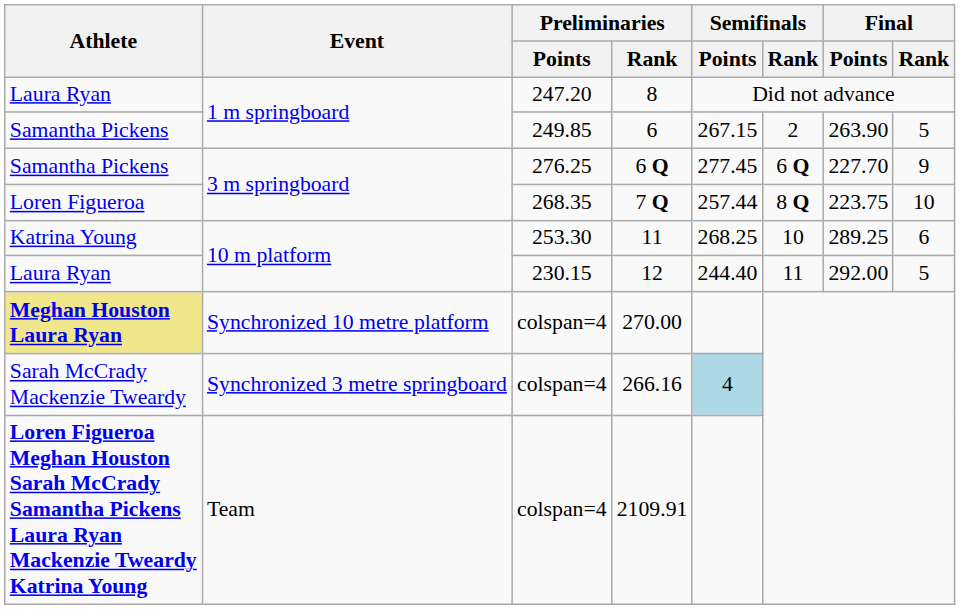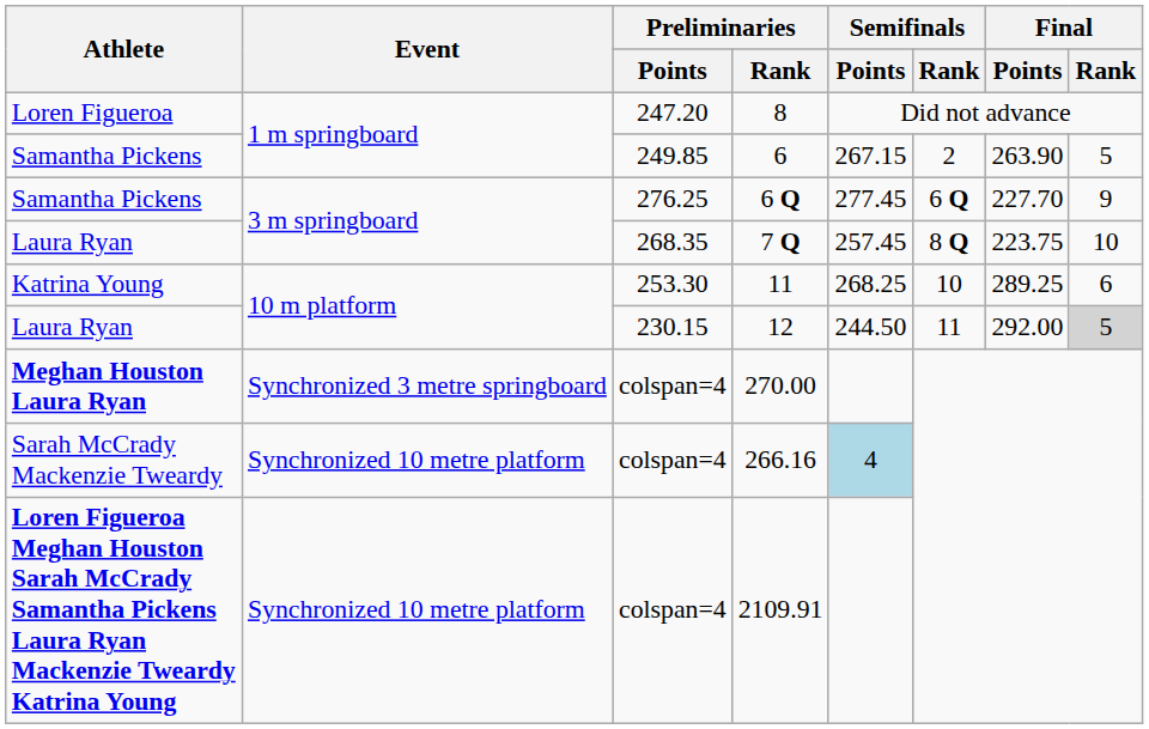 <table class="wikitable" style="font-size:90%;">
 <tr>
 <th rowspan=2>Athlete</th>
 <th rowspan=2>Event</th>
 <th colspan=2>Preliminaries</th>
 <th colspan=2>Semifinals</th>
 <th colspan=2>Final</th>
 </tr>
 <tr>
 <th>Points</th>
 <th>Rank</th>
 <th>Points</th>
 <th>Rank</th>
 <th>Points</th>
 <th>Rank</th>
 </tr>
 <tr align=center>
-<td align=left><a href='#'>Laura Ryan</a></td>
+<td align=left><a href='#'>Loren Figueroa</a></td>
 <td align=left rowspan=2><a href='#'>1 m springboard</a></td>
 <td>247.20</td>
 <td>8</td>
 <td colspan=4 align=center>Did not advance</td>
 </tr>
 <tr align=center>
 <td align=left><a href='#'>Samantha Pickens</a></td>
 <td>249.85</td>
 <td>6</td>
 <td>267.15</td>
 <td>2</td>
 <td>263.90</td>
 <td>5</td>
 </tr>
 <tr align=center>
 <td align=left><a href='#'>Samantha Pickens</a></td>
 <td align=left rowspan=2><a href='#'>3 m springboard</a></td>
 <td>276.25</td>
 <td>6 <strong>Q</strong></td>
 <td>277.45</td>
 <td>6 <strong>Q</strong></td>
 <td>227.70</td>
 <td>9</td>
 </tr>
 <tr align=center>
-<td align=left><a href='#'>Loren Figueroa</a></td>
+<td align=left><a href='#'>Laura Ryan</a></td>
 <td>268.35</td>
 <td>7 <strong>Q</strong></td>
-<td>257.44</td>
+<td>257.45</td>
 <td>8 <strong>Q</strong></td>
 <td>223.75</td>
 <td>10</td>
 </tr>
 <tr align=center>
 <td align=left><a href='#'>Katrina Young</a></td>
 <td align=left rowspan=2><a href='#'>10 m platform</a></td>
 <td>253.30</td>
 <td>11</td>
 <td>268.25</td>
 <td>10</td>
 <td>289.25</td>
 <td>6</td>
 </tr>
 <tr align=center>
 <td align=left><a href='#'>Laura Ryan</a></td>
 <td>230.15</td>
 <td>12</td>
-<td>244.40</td>
+<td>244.50</td>
 <td>11</td>
 <td>292.00</td>
-<td>5</td>
+<td style="background: lightgrey;">5</td>
 </tr>
 <tr align=center>
-<td align=left style="background: khaki;"><strong><a href='#'>Meghan Houston</a> <br> <a href='#'>Laura Ryan</a></strong></td>
-<td align=left><a href='#'>Synchronized 10 metre platform</a></td>
+<td align=left><strong><a href='#'>Meghan Houston</a> <br> <a href='#'>Laura Ryan</a></strong></td>
+<td align=left><a href='#'>Synchronized 3 metre springboard</a></td>
 <td>colspan=4 </td>
 <td>270.00</td>
 <td></td>
 </tr>
 <tr align=center>
 <td align=left><a href='#'>Sarah McCrady</a> <br> <a href='#'>Mackenzie Tweardy</a></td>
-<td align=left><a href='#'>Synchronized 3 metre springboard</a></td>
+<td align=left><a href='#'>Synchronized 10 metre platform</a></td>
 <td>colspan=4 </td>
 <td>266.16</td>
 <td style="background: lightblue;">4</td>
 </tr>
 <tr align=center>
 <td align=left><strong><a href='#'>Loren Figueroa</a> <br> <a href='#'>Meghan Houston</a> <br> <a href='#'>Sarah McCrady</a> <br> <a href='#'>Samantha Pickens</a> <br> <a href='#'>Laura Ryan</a> <br> <a href='#'>Mackenzie Tweardy</a> <br> <a href='#'>Katrina Young</a></strong></td>
-<td align=left>Team</td>
+<td align=left><a href='#'>Synchronized 10 metre platform</a></td>
 <td>colspan=4 </td>
 <td>2109.91</td>
 <td></td>
 </tr>
 </table>
